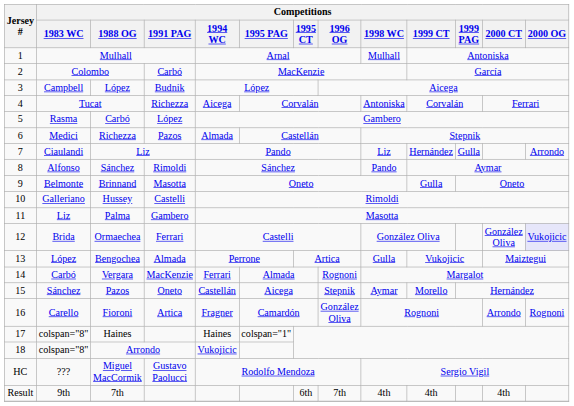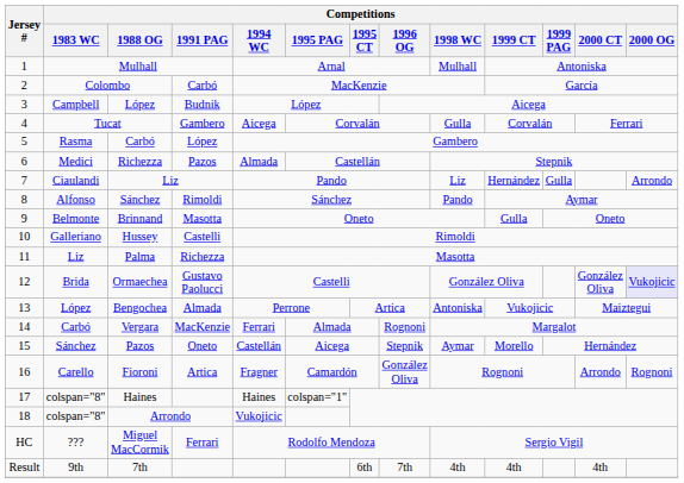 <table class="wikitable" style="text-align:center">
 <tr>
 <th rowspan="2">Jersey #</th>
 <th colspan="12">Competitions</th>
 </tr>
 <tr>
 <th><a href='#'>1983 WC</a></th>
 <th><a href='#'>1988 OG</a></th>
 <th><a href='#'>1991 PAG</a></th>
 <th><a href='#'>1994 WC</a></th>
 <th><a href='#'>1995 PAG</a></th>
 <th><a href='#'>1995 CT</a></th>
 <th><a href='#'>1996 OG</a></th>
 <th><a href='#'>1998 WC</a></th>
 <th><a href='#'>1999 CT</a></th>
 <th><a href='#'>1999 PAG</a></th>
 <th><a href='#'>2000 CT</a></th>
 <th><a href='#'>2000 OG</a></th>
 </tr>
 <tr>
 <td>1</td>
 <td colspan="3"><a href='#'>Mulhall</a></td>
 <td colspan="4"><a href='#'>Arnal</a></td>
 <td><a href='#'>Mulhall</a></td>
 <td colspan="4"><a href='#'>Antoniska</a></td>
 </tr>
 <tr>
 <td>2</td>
 <td colspan="2"><a href='#'>Colombo</a></td>
 <td><a href='#'>Carbó</a></td>
 <td colspan="5"><a href='#'>MacKenzie</a></td>
 <td colspan="4"><a href='#'>García</a></td>
 </tr>
 <tr>
 <td>3</td>
 <td><a href='#'>Campbell</a></td>
 <td><a href='#'>López</a></td>
 <td><a href='#'>Budnik</a></td>
 <td colspan="3"><a href='#'>López</a></td>
 <td colspan="6"><a href='#'>Aicega</a></td>
 </tr>
 <tr>
 <td>4</td>
 <td colspan="2"><a href='#'>Tucat</a></td>
-<td><a href='#'>Richezza</a></td>
+<td><a href='#'>Gambero</a></td>
 <td><a href='#'>Aicega</a></td>
 <td colspan="3"><a href='#'>Corvalán</a></td>
-<td><a href='#'>Antoniska</a></td>
+<td><a href='#'>Gulla</a></td>
 <td colspan="2"><a href='#'>Corvalán</a></td>
 <td colspan="2"><a href='#'>Ferrari</a></td>
 </tr>
 <tr>
 <td>5</td>
 <td><a href='#'>Rasma</a></td>
 <td><a href='#'>Carbó</a></td>
 <td><a href='#'>López</a></td>
 <td colspan="9"><a href='#'>Gambero</a></td>
 </tr>
 <tr>
 <td>6</td>
 <td><a href='#'>Medici</a></td>
 <td><a href='#'>Richezza</a></td>
 <td><a href='#'>Pazos</a></td>
 <td><a href='#'>Almada</a></td>
 <td colspan="3"><a href='#'>Castellán</a></td>
 <td colspan="5"><a href='#'>Stepnik</a></td>
 </tr>
 <tr>
 <td>7</td>
 <td><a href='#'>Ciaulandi</a></td>
 <td colspan="2"><a href='#'>Liz</a></td>
 <td colspan="4"><a href='#'>Pando</a></td>
 <td><a href='#'>Liz</a></td>
 <td><a href='#'>Hernández</a></td>
 <td><a href='#'>Gulla</a></td>
 <td></td>
 <td><a href='#'>Arrondo</a></td>
 </tr>
 <tr>
 <td>8</td>
 <td><a href='#'>Alfonso</a></td>
 <td><a href='#'>Sánchez</a></td>
 <td><a href='#'>Rimoldi</a></td>
 <td colspan="4"><a href='#'>Sánchez</a></td>
 <td><a href='#'>Pando</a></td>
 <td colspan="4"><a href='#'>Aymar</a></td>
 </tr>
 <tr>
 <td>9</td>
 <td><a href='#'>Belmonte</a></td>
 <td><a href='#'>Brinnand</a></td>
 <td><a href='#'>Masotta</a></td>
 <td colspan="5"><a href='#'>Oneto</a></td>
 <td><a href='#'>Gulla</a></td>
 <td colspan="3"><a href='#'>Oneto</a></td>
 </tr>
 <tr>
 <td>10</td>
 <td><a href='#'>Galleriano</a></td>
 <td><a href='#'>Hussey</a></td>
 <td><a href='#'>Castelli</a></td>
 <td colspan="9"><a href='#'>Rimoldi</a></td>
 </tr>
 <tr>
 <td>11</td>
 <td><a href='#'>Liz</a></td>
 <td><a href='#'>Palma</a></td>
-<td><a href='#'>Gambero</a></td>
+<td><a href='#'>Richezza</a></td>
 <td colspan="9"><a href='#'>Masotta</a></td>
 </tr>
 <tr>
 <td>12</td>
 <td><a href='#'>Brida</a></td>
 <td><a href='#'>Ormaechea</a></td>
-<td><a href='#'>Ferrari</a></td>
+<td><a href='#'>Gustavo Paolucci</a></td>
 <td colspan="4"><a href='#'>Castelli</a></td>
 <td colspan="2"><a href='#'>González Oliva</a></td>
 <td></td>
 <td><a href='#'>González Oliva</a></td>
 <td style="background: lavender;"><a href='#'>Vukojicic</a></td>
 </tr>
 <tr>
 <td>13</td>
 <td><a href='#'>López</a></td>
 <td><a href='#'>Bengochea</a></td>
 <td><a href='#'>Almada</a></td>
 <td colspan="2"><a href='#'>Perrone</a></td>
 <td colspan="2"><a href='#'>Artica</a></td>
-<td><a href='#'>Gulla</a></td>
+<td><a href='#'>Antoniska</a></td>
 <td colspan="2"><a href='#'>Vukojicic</a></td>
 <td colspan="2"><a href='#'>Maiztegui</a></td>
 </tr>
 <tr>
 <td>14</td>
 <td><a href='#'>Carbó</a></td>
 <td><a href='#'>Vergara</a></td>
 <td><a href='#'>MacKenzie</a></td>
 <td><a href='#'>Ferrari</a></td>
 <td colspan="2"><a href='#'>Almada</a></td>
 <td><a href='#'>Rognoni</a></td>
 <td colspan="5"><a href='#'>Margalot</a></td>
 </tr>
 <tr>
 <td>15</td>
 <td><a href='#'>Sánchez</a></td>
 <td><a href='#'>Pazos</a></td>
 <td><a href='#'>Oneto</a></td>
 <td><a href='#'>Castellán</a></td>
 <td colspan="2"><a href='#'>Aicega</a></td>
 <td><a href='#'>Stepnik</a></td>
 <td><a href='#'>Aymar</a></td>
 <td><a href='#'>Morello</a></td>
 <td colspan="3"><a href='#'>Hernández</a></td>
 </tr>
 <tr>
 <td>16</td>
 <td><a href='#'>Carello</a></td>
 <td><a href='#'>Fioroni</a></td>
 <td><a href='#'>Artica</a></td>
 <td><a href='#'>Fragner</a></td>
 <td colspan="2"><a href='#'>Camardón</a></td>
 <td><a href='#'>González Oliva</a></td>
 <td colspan="3"><a href='#'>Rognoni</a></td>
 <td><a href='#'>Arrondo</a></td>
 <td><a href='#'>Rognoni</a></td>
 </tr>
 <tr>
 <td>17</td>
 <td>colspan="8" </td>
 <td>Haines</td>
 <td></td>
 <td>Haines</td>
 <td>colspan="1" </td>
 </tr>
 <tr>
 <td>18</td>
 <td>colspan="8" </td>
 <td colspan="2"><a href='#'>Arrondo</a></td>
 <td><a href='#'>Vukojicic</a></td>
 <td></td>
 </tr>
 <tr>
 <td>HC</td>
 <td>???</td>
 <td><a href='#'>Miguel MacCormik</a></td>
-<td><a href='#'>Gustavo Paolucci</a></td>
+<td><a href='#'>Ferrari</a></td>
 <td colspan="4"><a href='#'>Rodolfo Mendoza</a></td>
 <td colspan="5"><a href='#'>Sergio Vigil</a></td>
 </tr>
 <tr>
 <td>Result</td>
 <td>9th</td>
 <td>7th</td>
 <td></td>
 <td></td>
 <td></td>
 <td>6th</td>
 <td>7th</td>
 <td>4th</td>
 <td>4th</td>
 <td></td>
 <td>4th</td>
 <td></td>
 </tr>
 <tr>
 </tr>
 </table>
